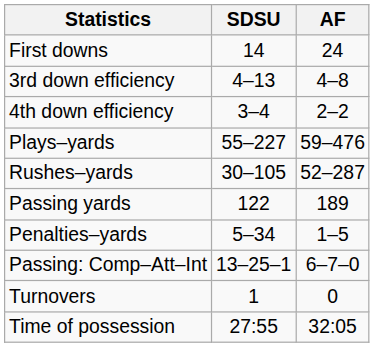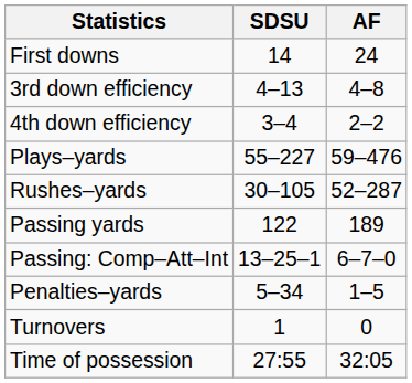 <table class="wikitable">
 <tr>
 <th>Statistics</th>
 <th>SDSU</th>
 <th>AF</th>
 </tr>
 <tr>
 <td>First downs</td>
 <td align=center>14</td>
 <td align=center>24</td>
 </tr>
 <tr>
 <td>3rd down efficiency</td>
 <td align=center>4–13</td>
 <td align=center>4–8</td>
 </tr>
 <tr>
 <td>4th down efficiency</td>
 <td align=center>3–4</td>
 <td align=center>2–2</td>
 </tr>
 <tr>
 <td>Plays–yards</td>
 <td align=center>55–227</td>
 <td align=center>59–476</td>
 </tr>
 <tr>
 <td>Rushes–yards</td>
 <td align=center>30–105</td>
 <td align=center>52–287</td>
 </tr>
 <tr>
 <td>Passing yards</td>
 <td align=center>122</td>
 <td align=center>189</td>
 </tr>
 <tr>
+<td>Passing: Comp–Att–Int</td>
+<td align=center>13–25–1</td>
+<td align=center>6–7–0</td>
+</tr>
+<tr>
 <td>Penalties–yards</td>
 <td align=center>5–34</td>
 <td align=center>1–5</td>
-</tr>
-<tr>
-<td>Passing: Comp–Att–Int</td>
-<td align=center>13–25–1</td>
-<td align=center>6–7–0</td>
 </tr>
 <tr>
 <td>Turnovers</td>
 <td align=center>1</td>
 <td align=center>0</td>
 </tr>
 <tr>
 <td>Time of possession</td>
 <td align=center>27:55</td>
 <td align=center>32:05</td>
 </tr>
 </table>
